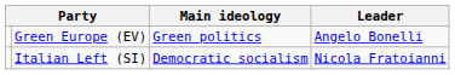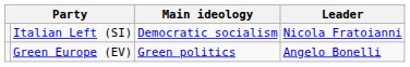 <table class=wikitable style=text-align:left>
 <tr>
 <th colspan=2>Party</th>
 <th>Main ideology</th>
 <th>Leader</th>
 </tr>
 <tr>
 <td></td>
+<td><a href='#'>Italian Left</a> (SI)</td>
+<td><a href='#'>Democratic socialism</a></td>
+<td><a href='#'>Nicola Fratoianni</a></td>
+</tr>
+<tr>
+<td></td>
 <td><a href='#'>Green Europe</a> (EV)</td>
 <td><a href='#'>Green politics</a></td>
 <td><a href='#'>Angelo Bonelli</a></td>
 </tr>
-<tr>
-<td></td>
-<td><a href='#'>Italian Left</a> (SI)</td>
-<td><a href='#'>Democratic socialism</a></td>
-<td><a href='#'>Nicola Fratoianni</a></td>
-</tr>
 </table>
